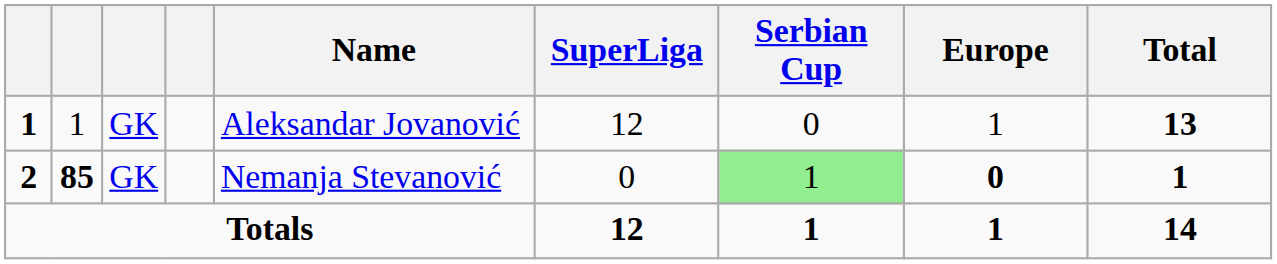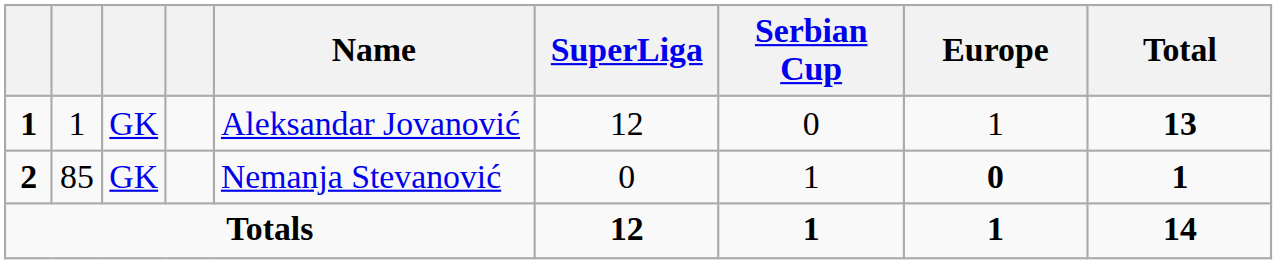 <table class="wikitable" style="text-align:center">
 <tr>
 <th width=15></th>
 <th width=15></th>
 <th width=15></th>
 <th width=15></th>
 <th width=145>Name</th>
 <th width=80><strong><a href='#'>SuperLiga</a></strong></th>
 <th width=80><strong><a href='#'>Serbian Cup</a></strong></th>
 <th width=80><strong>Europe</strong></th>
 <th width=80>Total</th>
 </tr>
 <tr>
 <td><strong>1</strong></td>
 <td>1</td>
 <td><a href='#'>GK</a></td>
 <td></td>
 <td align=left><a href='#'>Aleksandar Jovanović</a></td>
 <td>12</td>
 <td>0</td>
 <td>1</td>
 <td><strong>13</strong></td>
 </tr>
 <tr>
 <td><strong>2</strong></td>
-<td><strong>85</strong></td>
+<td>85</td>
 <td><a href='#'>GK</a></td>
 <td></td>
 <td align=left><a href='#'>Nemanja Stevanović</a></td>
 <td>0</td>
-<td style="background: lightgreen;">1</td>
+<td>1</td>
 <td><strong>0</strong></td>
 <td><strong>1</strong></td>
 </tr>
 <tr>
 <td colspan=5><strong>Totals</strong></td>
 <td><strong>12</strong></td>
 <td><strong>1</strong></td>
 <td><strong>1</strong></td>
 <td><strong>14</strong></td>
 </tr>
 </table>
